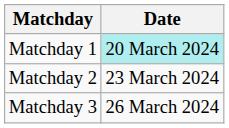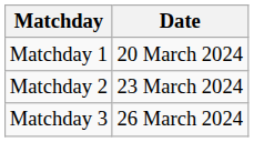 <table class="wikitable">
 <tr>
 <th>Matchday</th>
 <th>Date</th>
 </tr>
 <tr>
 <td>Matchday 1</td>
-<td rowspan=1 style="background: paleturquoise;">20 March 2024</td>
+<td rowspan=1>20 March 2024</td>
 </tr>
 <tr>
 <td>Matchday 2</td>
 <td rowspan=1>23 March 2024</td>
 </tr>
 <tr>
 <td>Matchday 3</td>
 <td rowspan=1>26 March 2024</td>
 </tr>
 </table>
